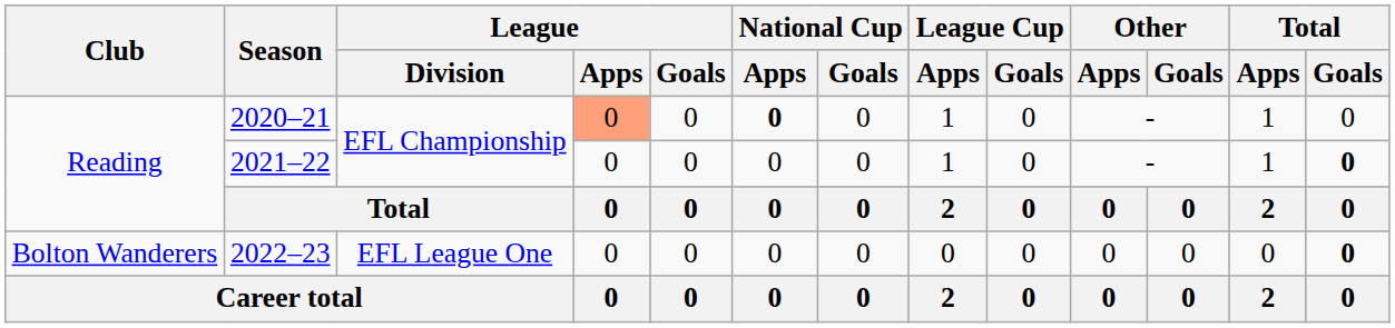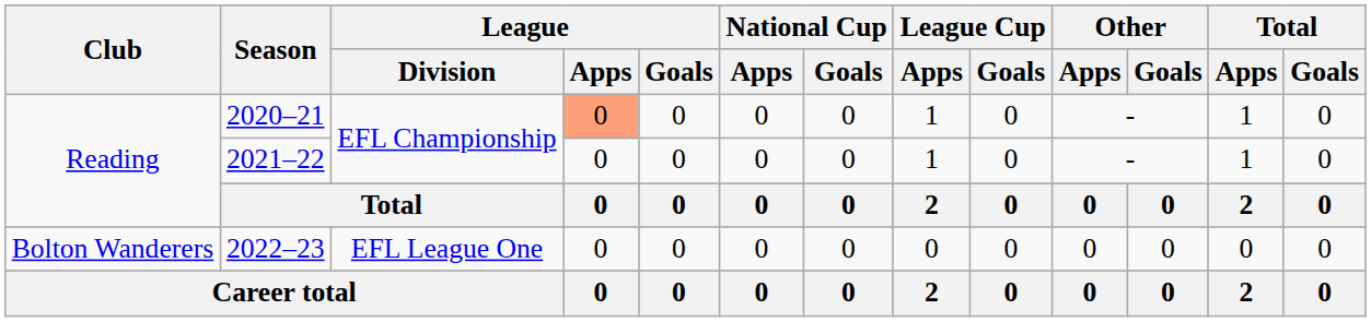 <table class="wikitable" style="text-align: center">
 <tr>
 <th rowspan="2">Club</th>
 <th rowspan="2">Season</th>
 <th colspan="3">League</th>
 <th colspan="2">National Cup</th>
 <th colspan="2">League Cup</th>
 <th colspan="2">Other</th>
 <th colspan="2">Total</th>
 </tr>
 <tr>
 <th>Division</th>
 <th>Apps</th>
 <th>Goals</th>
 <th>Apps</th>
 <th>Goals</th>
 <th>Apps</th>
 <th>Goals</th>
 <th>Apps</th>
 <th>Goals</th>
 <th>Apps</th>
 <th>Goals</th>
 </tr>
 <tr>
 <td rowspan="3"><a href='#'>Reading</a></td>
 <td><a href='#'>2020–21</a></td>
 <td rowspan="2"><a href='#'>EFL Championship</a></td>
 <td style="background: lightsalmon;">0</td>
 <td>0</td>
-<td><strong>0</strong></td>
+<td>0</td>
 <td>0</td>
 <td>1</td>
 <td>0</td>
 <td colspan="2">-</td>
 <td>1</td>
 <td>0</td>
 </tr>
 <tr>
 <td><a href='#'>2021–22</a></td>
 <td>0</td>
 <td>0</td>
 <td>0</td>
 <td>0</td>
 <td>1</td>
 <td>0</td>
 <td colspan="2">-</td>
 <td>1</td>
-<td><strong>0</strong></td>
+<td>0</td>
 </tr>
 <tr>
 <th colspan="2">Total</th>
 <th>0</th>
 <th>0</th>
 <th>0</th>
 <th>0</th>
 <th>2</th>
 <th>0</th>
 <th>0</th>
 <th>0</th>
 <th>2</th>
 <th>0</th>
 </tr>
 <tr>
 <td><a href='#'>Bolton Wanderers</a></td>
 <td><a href='#'>2022–23</a></td>
 <td><a href='#'>EFL League One</a></td>
 <td>0</td>
 <td>0</td>
 <td>0</td>
 <td>0</td>
 <td>0</td>
 <td>0</td>
 <td>0</td>
 <td>0</td>
 <td>0</td>
-<td><strong>0</strong></td>
+<td>0</td>
 </tr>
 <tr>
 <th colspan="3">Career total</th>
 <th>0</th>
 <th>0</th>
 <th>0</th>
 <th>0</th>
 <th>2</th>
 <th>0</th>
 <th>0</th>
 <th>0</th>
 <th>2</th>
 <th>0</th>
 </tr>
 </table>
